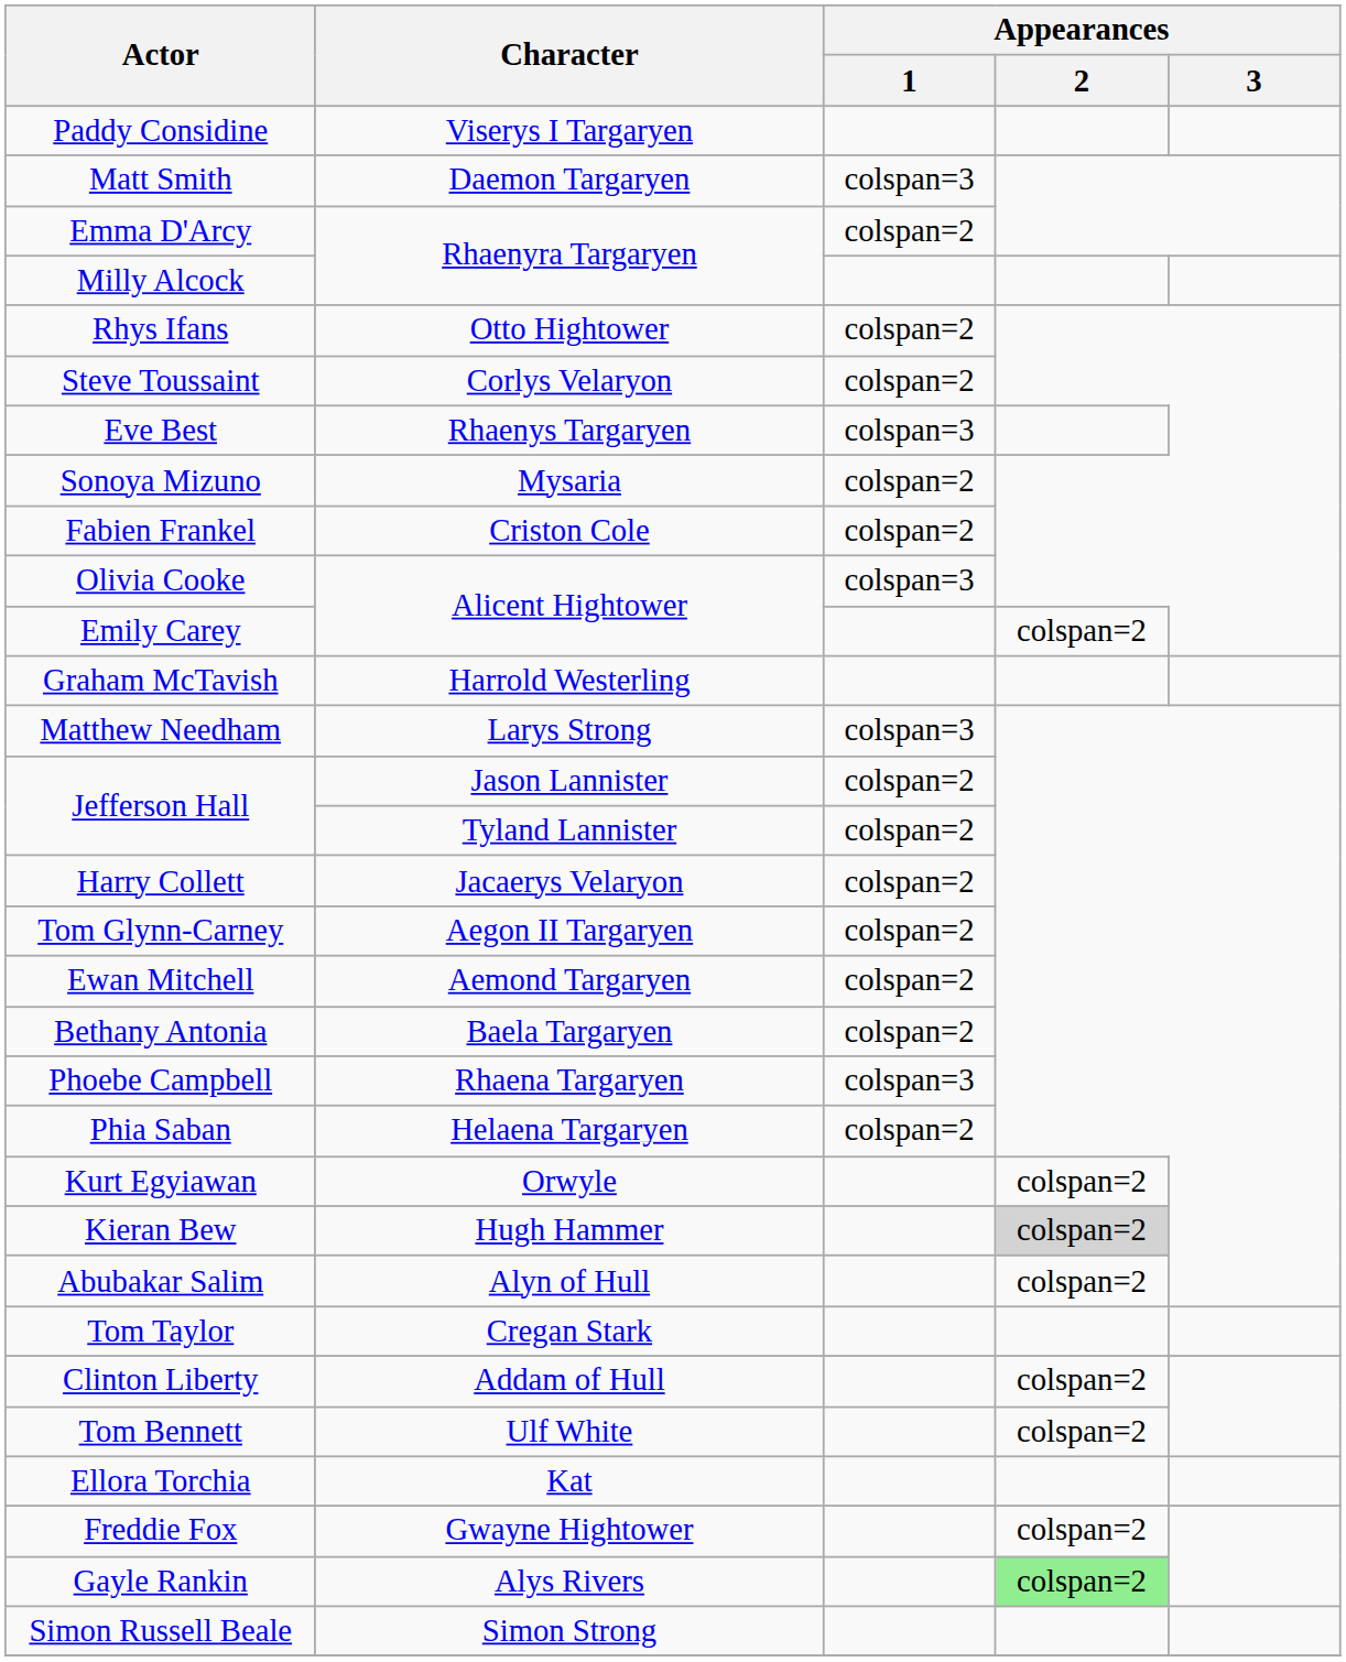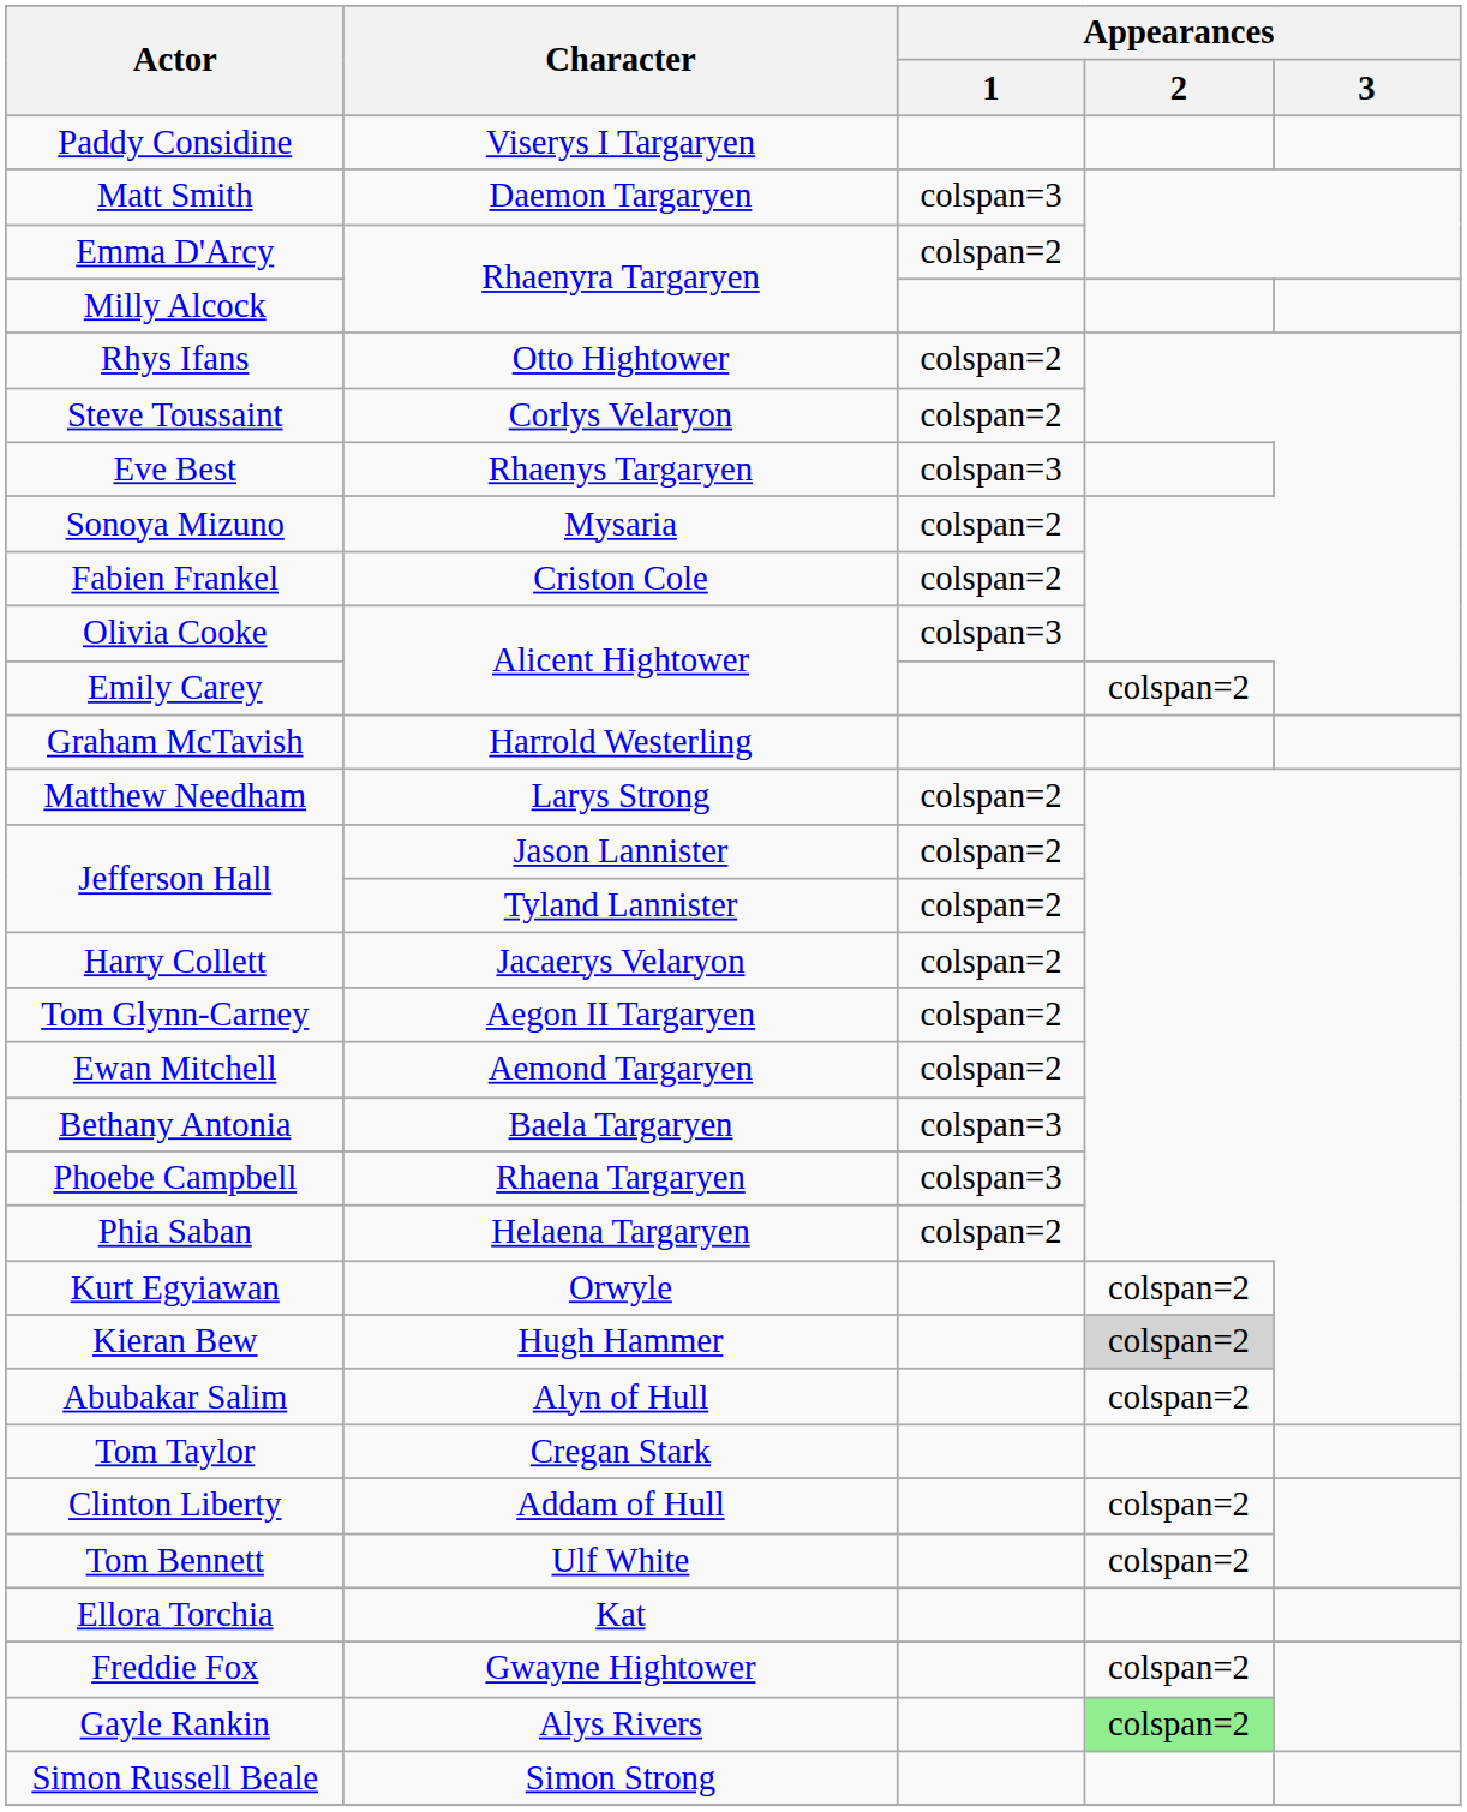 <table class="wikitable" style="text-align:center;">
 <tr>
 <th rowspan=2 style="width:150px;">Actor</th>
 <th rowspan=2 style="width:250px;">Character</th>
 <th colspan=3>Appearances</th>
 </tr>
 <tr>
 <th style="width:80px;">1</th>
 <th style="width:80px;">2</th>
 <th style="width:80px;">3</th>
 </tr>
 <tr>
 <td><a href='#'>Paddy Considine</a></td>
 <td><a href='#'>Viserys I Targaryen</a></td>
 <td></td>
 <td></td>
 <td></td>
 </tr>
 <tr>
 <td><a href='#'>Matt Smith</a></td>
 <td><a href='#'>Daemon Targaryen</a></td>
 <td>colspan=3 </td>
 </tr>
 <tr>
 <td><a href='#'>Emma D'Arcy</a></td>
 <td rowspan=2><a href='#'>Rhaenyra Targaryen</a></td>
 <td>colspan=2 </td>
 </tr>
 <tr>
 <td><a href='#'>Milly Alcock</a></td>
 <td></td>
 <td></td>
 <td></td>
 </tr>
 <tr>
 <td><a href='#'>Rhys Ifans</a></td>
 <td><a href='#'>Otto Hightower</a></td>
 <td>colspan=2 </td>
 </tr>
 <tr>
 <td><a href='#'>Steve Toussaint</a></td>
 <td><a href='#'>Corlys Velaryon</a></td>
 <td>colspan=2 </td>
 </tr>
 <tr>
 <td><a href='#'>Eve Best</a></td>
 <td><a href='#'>Rhaenys Targaryen</a></td>
 <td>colspan=3 </td>
 <td></td>
 </tr>
 <tr>
 <td><a href='#'>Sonoya Mizuno</a></td>
 <td><a href='#'>Mysaria</a></td>
 <td>colspan=2 </td>
 </tr>
 <tr>
 <td><a href='#'>Fabien Frankel</a></td>
 <td><a href='#'>Criston Cole</a></td>
 <td>colspan=2 </td>
 </tr>
 <tr>
 <td><a href='#'>Olivia Cooke</a></td>
 <td rowspan=2><a href='#'>Alicent Hightower</a></td>
 <td>colspan=3 </td>
 </tr>
 <tr>
 <td><a href='#'>Emily Carey</a></td>
 <td></td>
 <td>colspan=2 </td>
 </tr>
 <tr>
 <td><a href='#'>Graham McTavish</a></td>
 <td><a href='#'>Harrold Westerling</a></td>
 <td></td>
 <td></td>
 <td></td>
 </tr>
 <tr>
 <td><a href='#'>Matthew Needham</a></td>
 <td><a href='#'>Larys Strong</a></td>
-<td>colspan=3 </td>
+<td>colspan=2 </td>
 </tr>
 <tr>
 <td rowspan=2><a href='#'>Jefferson Hall</a></td>
 <td><a href='#'>Jason Lannister</a></td>
 <td>colspan=2 </td>
 </tr>
 <tr>
 <td><a href='#'>Tyland Lannister</a></td>
 <td>colspan=2 </td>
 </tr>
 <tr>
 <td><a href='#'>Harry Collett</a></td>
 <td><a href='#'>Jacaerys Velaryon</a></td>
 <td>colspan=2 </td>
 </tr>
 <tr>
 <td><a href='#'>Tom Glynn-Carney</a></td>
 <td><a href='#'>Aegon II Targaryen</a></td>
 <td>colspan=2 </td>
 </tr>
 <tr>
 <td><a href='#'>Ewan Mitchell</a></td>
 <td><a href='#'>Aemond Targaryen</a></td>
 <td>colspan=2 </td>
 </tr>
 <tr>
 <td><a href='#'>Bethany Antonia</a></td>
 <td><a href='#'>Baela Targaryen</a></td>
-<td>colspan=2 </td>
+<td>colspan=3 </td>
 </tr>
 <tr>
 <td><a href='#'>Phoebe Campbell</a></td>
 <td><a href='#'>Rhaena Targaryen</a></td>
 <td>colspan=3 </td>
 </tr>
 <tr>
 <td><a href='#'>Phia Saban</a></td>
 <td><a href='#'>Helaena Targaryen</a></td>
 <td>colspan=2 </td>
 </tr>
 <tr>
 <td><a href='#'>Kurt Egyiawan</a></td>
 <td><a href='#'>Orwyle</a></td>
 <td></td>
 <td>colspan=2 </td>
 </tr>
 <tr>
 <td><a href='#'>Kieran Bew</a></td>
 <td><a href='#'>Hugh Hammer</a></td>
 <td></td>
 <td style="background: lightgrey;">colspan=2 </td>
 </tr>
 <tr>
 <td><a href='#'>Abubakar Salim</a></td>
 <td><a href='#'>Alyn of Hull</a></td>
 <td></td>
 <td>colspan=2 </td>
 </tr>
 <tr>
 <td><a href='#'>Tom Taylor</a></td>
 <td><a href='#'>Cregan Stark</a></td>
 <td></td>
 <td></td>
 <td></td>
 </tr>
 <tr>
 <td><a href='#'>Clinton Liberty</a></td>
 <td><a href='#'>Addam of Hull</a></td>
 <td></td>
 <td>colspan=2 </td>
 </tr>
 <tr>
 <td><a href='#'>Tom Bennett</a></td>
 <td><a href='#'>Ulf White</a></td>
 <td></td>
 <td>colspan=2 </td>
 </tr>
 <tr>
 <td><a href='#'>Ellora Torchia</a></td>
 <td><a href='#'>Kat</a></td>
 <td></td>
 <td></td>
 <td></td>
 </tr>
 <tr>
 <td><a href='#'>Freddie Fox</a></td>
 <td><a href='#'>Gwayne Hightower</a></td>
 <td></td>
 <td>colspan=2 </td>
 </tr>
 <tr>
 <td><a href='#'>Gayle Rankin</a></td>
 <td><a href='#'>Alys Rivers</a></td>
 <td></td>
 <td style="background: lightgreen;">colspan=2 </td>
 </tr>
 <tr>
 <td><a href='#'>Simon Russell Beale</a></td>
 <td><a href='#'>Simon Strong</a></td>
 <td></td>
 <td></td>
 <td></td>
 </tr>
 <tr>
 </tr>
 </table>
